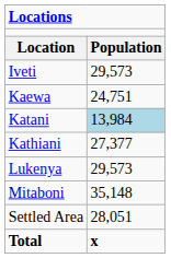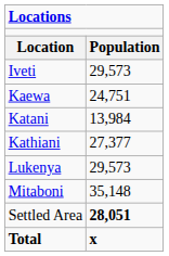 <table class="wikitable">
 <tr>
 <td colspan="2"><strong><a href='#'>Locations</a></strong></td>
 </tr>
 <tr>
 <td colspan="2"></td>
 </tr>
 <tr>
 <th>Location</th>
 <th>Population</th>
 </tr>
 <tr>
 <td><a href='#'>Iveti</a></td>
 <td>29,573</td>
 </tr>
 <tr>
 <td><a href='#'>Kaewa</a></td>
 <td>24,751</td>
 </tr>
 <tr>
 <td><a href='#'>Katani</a></td>
-<td style="background: lightblue;">13,984</td>
+<td>13,984</td>
 </tr>
 <tr>
 <td><a href='#'>Kathiani</a></td>
 <td>27,377</td>
 </tr>
 <tr>
 <td><a href='#'>Lukenya</a></td>
 <td>29,573</td>
 </tr>
 <tr>
 <td><a href='#'>Mitaboni</a></td>
 <td>35,148</td>
 </tr>
 <tr>
 <td>Settled Area</td>
-<td>28,051</td>
+<td><strong>28,051</strong></td>
 </tr>
 <tr>
 <td><strong>Total</strong></td>
 <td><strong>x</strong></td>
 </tr>
 </table>
